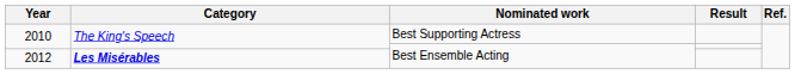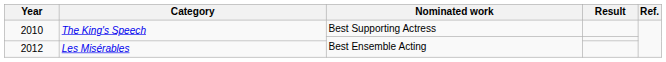 <table class=wikitable>
 <tr>
 <th scope="col" style="width:5em;">Year</th>
 <th scope="col" style="width:26em;">Category</th>
 <th scope="col" style="width:25em;">Nominated work</th>
 <th scope="col" style="width:5em;">Result</th>
 <th>Ref.</th>
 </tr>
 <tr>
 <td style="text-align:center;", rowspan=2>2010</td>
 <td rowspan="2"><em><a href='#'>The King's Speech</a></em></td>
 <td>Best Supporting Actress</td>
 <td></td>
 </tr>
 <tr>
 <td rowspan="2">Best Ensemble Acting</td>
 <td></td>
 </tr>
 <tr>
 <td align="center">2012</td>
-<td><strong><em><a href='#'>Les Misérables</a></em></strong></td>
+<td><em><a href='#'>Les Misérables</a></em></td>
 <td></td>
 </tr>
 </table>
